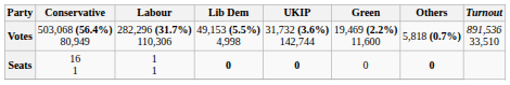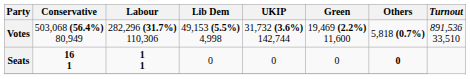 <table class="wikitable" style=text-align:center>
 <tr>
 <th>Party</th>
 <th style="background:">Conservative</th>
 <th style="background:">Labour</th>
 <th style="background:">Lib Dem</th>
 <th style="background:">UKIP</th>
 <th style="background:">Green</th>
 <th>Others</th>
 <th><em>Turnout</em></th>
 </tr>
 <tr class="nowrap"|>
 <th>Votes</th>
 <td>503,068 <strong>(56.4%)</strong><br>80,949</td>
 <td>282,296 <strong>(31.7%)</strong><br>110,306</td>
 <td>49,153 <strong>(5.5%)</strong><br>4,998</td>
 <td>31,732 <strong>(3.6%)</strong><br>142,744</td>
 <td>19,469 <strong>(2.2%)</strong><br>11,600</td>
 <td>5,818 <strong>(0.7%)</strong></td>
 <td><em>891,536</em><br>33,510</td>
 </tr>
 <tr>
 <th>Seats</th>
-<td>16<br>1</td>
-<td>1<br>1</td>
-<td><strong>0<br></strong></td>
-<td><strong>0<br></strong></td>
+<td><strong>16<br>1</strong></td>
+<td><strong>1<br>1</strong></td>
+<td>0<br></td>
+<td>0<br></td>
 <td>0<br></td>
 <td><strong>0<br></strong></td>
 </tr>
 <tr>
 </tr>
 </table>
